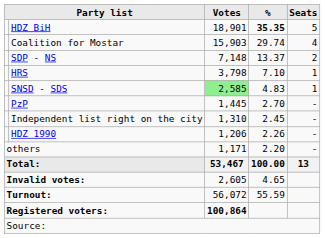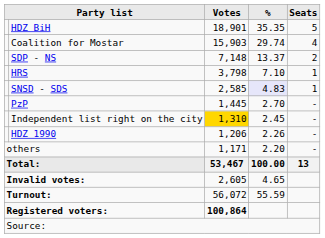 <table class="wikitable" border="1">
 <tr>
 <th colspan="2" align="center" style="background-color:#E9E9E9">Party list</th>
 <th align="center" style="background-color:#E9E9E9">Votes</th>
 <th align="center" style="background-color:#E9E9E9">%</th>
 <th align="center" style="background-color:#E9E9E9">Seats</th>
 </tr>
 <tr>
 <td></td>
 <td align="left"><a href='#'>HDZ BiH</a></td>
 <td align="right">18,901</td>
-<td align="right"><strong>35.35</strong></td>
+<td align="right">35.35</td>
 <td align="right">5</td>
 </tr>
 <tr>
 <td></td>
 <td align="left">Coalition for Mostar</td>
 <td align="right">15,903</td>
 <td align="right">29.74</td>
 <td align="right">4</td>
 </tr>
 <tr>
 <td></td>
 <td align="left"><a href='#'>SDP</a> - <a href='#'>NS</a></td>
 <td align="right">7,148</td>
 <td align="right">13.37</td>
 <td align="right">2</td>
 </tr>
 <tr>
 <td></td>
 <td align="left"><a href='#'>HRS</a></td>
 <td align="right">3,798</td>
 <td align="right">7.10</td>
 <td align="right">1</td>
 </tr>
 <tr>
 <td></td>
 <td align="left"><a href='#'>SNSD</a> - <a href='#'>SDS</a></td>
-<td align="right" style="background: lightgreen;">2,585</td>
-<td align="right">4.83</td>
+<td align="right">2,585</td>
+<td align="right" style="background: lavender;">4.83</td>
 <td align="right">1</td>
 </tr>
 <tr>
 <td></td>
 <td align="left"><a href='#'>PzP</a></td>
 <td align="right">1,445</td>
 <td align="right">2.70</td>
 <td align="right">-</td>
 </tr>
 <tr>
 <td></td>
 <td align="left">Independent list right on the city</td>
-<td align="right">1,310</td>
+<td align="right" style="background: gold;">1,310</td>
 <td align="right">2.45</td>
 <td align="right">-</td>
 </tr>
 <tr>
 <td></td>
 <td align="left"><a href='#'>HDZ 1990</a></td>
 <td align="right">1,206</td>
 <td align="right">2.26</td>
 <td align="right">-</td>
 </tr>
 <tr>
 <td colspan="2">others</td>
 <td align="right">1,171</td>
 <td align="right">2.20</td>
 <td align="right">-</td>
 </tr>
 <tr style="background-color:#E9E9E9">
 <td colspan="2" align="left"><strong>Total:</strong></td>
 <th align="right">53,467</th>
 <th align="right">100.00</th>
 <th align="right">13</th>
 </tr>
 <tr>
 <td colspan="2" align="left"><strong>Invalid votes:</strong></td>
 <td align="right">2,605</td>
 <td align="right">4.65</td>
 <td align="right"></td>
 </tr>
 <tr>
 <td colspan="2" align="left"><strong>Turnout:</strong></td>
 <td align="right">56,072</td>
 <td align="right">55.59</td>
 <td align="right"></td>
 </tr>
 <tr>
 <td colspan="2" align="left"><strong>Registered voters:</strong></td>
 <td align="right"><strong>100,864</strong></td>
 <td align="right"></td>
 <td align="right"></td>
 </tr>
 <tr>
 <td colspan="5" align="left">Source: </td>
 </tr>
 </table>
